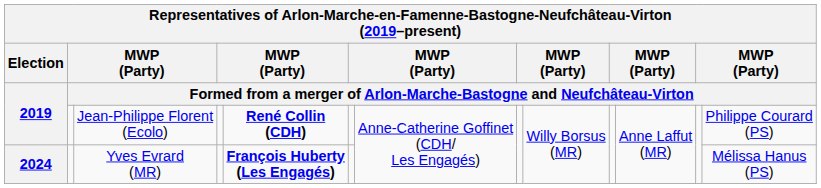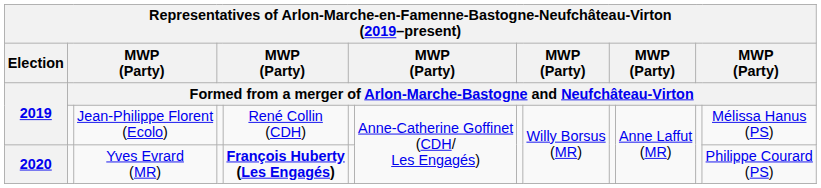 <table class="wikitable" style="text-align:center">
 <tr>
 <th colspan="13">Representatives of Arlon-Marche-en-Famenne-Bastogne-Neufchâteau-Virton<br>(<a href='#'>2019</a>–present)</th>
 </tr>
 <tr>
 <th>Election</th>
 <th colspan=2>MWP<br>(Party)</th>
 <th colspan=2>MWP<br>(Party)</th>
 <th colspan=2>MWP<br>(Party)</th>
 <th colspan=2>MWP<br>(Party)</th>
 <th colspan=2>MWP<br>(Party)</th>
 <th colspan=2>MWP<br>(Party)</th>
 </tr>
 <tr>
 <th rowspan=2><a href='#'>2019</a></th>
 <th colspan=12>Formed from a merger of <a href='#'>Arlon-Marche-Bastogne</a> and <a href='#'>Neufchâteau-Virton</a></th>
 </tr>
 <tr>
 <td rowspan=1; style="background-color: "></td>
 <td><a href='#'>Jean-Philippe Florent</a><br>(<a href='#'>Ecolo</a>)</td>
 <td rowspan=1; style="background-color: "></td>
-<td><strong><a href='#'>René Collin</a><br>(<a href='#'>CDH</a>)</strong></td>
+<td><a href='#'>René Collin</a><br>(<a href='#'>CDH</a>)</td>
 <td rowspan=1; style="background-color: "></td>
 <td rowspan=2><a href='#'>Anne-Catherine Goffinet</a><br>(<a href='#'>CDH</a>/<br><a href='#'>Les Engagés</a>)</td>
 <td rowspan=2; style="background-color: "></td>
 <td rowspan=2><a href='#'>Willy Borsus</a><br>(<a href='#'>MR</a>)</td>
 <td rowspan=2; style="background-color: "></td>
 <td rowspan=2><a href='#'>Anne Laffut</a><br>(<a href='#'>MR</a>)</td>
 <td rowspan=2; style="background-color: "></td>
-<td><a href='#'>Philippe Courard</a><br>(<a href='#'>PS</a>)</td>
+<td><a href='#'>Mélissa Hanus</a><br>(<a href='#'>PS</a>)</td>
 </tr>
 <tr>
-<th><a href='#'>2024</a></th>
+<th><a href='#'>2020</a></th>
 <td rowspan=1; style="background-color: "></td>
 <td rowspan=1><a href='#'>Yves Evrard</a><br>(<a href='#'>MR</a>)</td>
 <td rowspan=1; style="background-color: "></td>
 <td rowspan=1><strong><a href='#'>François Huberty</a><br>(<a href='#'>Les Engagés</a>)</strong></td>
 <td rowspan=1; style="background-color: "></td>
-<td><a href='#'>Mélissa Hanus</a><br>(<a href='#'>PS</a>)</td>
+<td><a href='#'>Philippe Courard</a><br>(<a href='#'>PS</a>)</td>
 </tr>
 </table>
